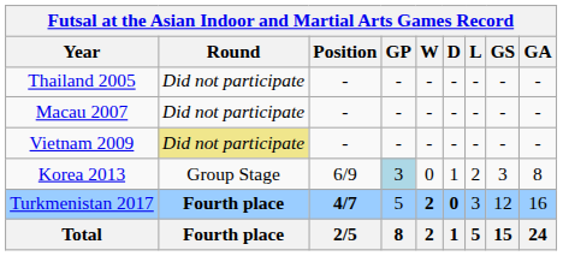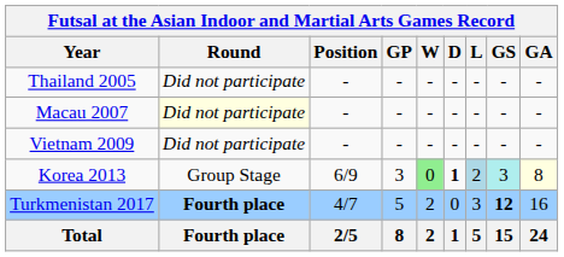 <table class="wikitable" style="text-align: center;font-size:90%;">
 <tr>
 <th colspan=9><a href='#'>Futsal at the Asian Indoor and Martial Arts Games Record</a></th>
 </tr>
 <tr>
 <th>Year</th>
 <th>Round</th>
 <th>Position</th>
 <th>GP</th>
 <th>W</th>
 <th>D</th>
 <th>L</th>
 <th>GS</th>
 <th>GA</th>
 </tr>
 <tr>
 <td><a href='#'>Thailand 2005</a></td>
 <td><em>Did not participate</em></td>
 <td>-</td>
 <td>-</td>
 <td>-</td>
 <td>-</td>
 <td>-</td>
 <td>-</td>
 <td>-</td>
 </tr>
 <tr>
 <td><a href='#'>Macau 2007</a></td>
-<td><em>Did not participate</em></td>
+<td style="background: lightyellow;"><em>Did not participate</em></td>
 <td>-</td>
 <td>-</td>
 <td>-</td>
 <td>-</td>
 <td>-</td>
 <td>-</td>
 <td>-</td>
 </tr>
 <tr>
 <td><a href='#'>Vietnam 2009</a></td>
-<td style="background: khaki;"><em>Did not participate</em></td>
+<td><em>Did not participate</em></td>
 <td>-</td>
 <td>-</td>
 <td>-</td>
 <td>-</td>
 <td>-</td>
 <td>-</td>
 <td>-</td>
 </tr>
 <tr>
 <td><a href='#'>Korea 2013</a></td>
 <td>Group Stage</td>
 <td>6/9</td>
-<td style="background: lightblue;">3</td>
-<td>0</td>
-<td>1</td>
-<td>2</td>
 <td>3</td>
-<td>8</td>
+<td style="background: lightgreen;">0</td>
+<td><strong>1</strong></td>
+<td style="background: lightblue;">2</td>
+<td style="background: paleturquoise;">3</td>
+<td style="background: lightyellow;">8</td>
 </tr>
 <tr bgcolor=#9acdff>
 <td><a href='#'>Turkmenistan 2017</a></td>
 <td><strong>Fourth place</strong></td>
-<td><strong>4/7</strong></td>
+<td>4/7</td>
 <td>5</td>
-<td><strong>2</strong></td>
-<td><strong>0</strong></td>
+<td>2</td>
+<td>0</td>
 <td>3</td>
-<td>12</td>
+<td><strong>12</strong></td>
 <td>16</td>
 </tr>
 <tr>
 <th><strong>Total</strong></th>
 <th><strong>Fourth place</strong></th>
 <th><strong>2/5</strong></th>
 <th><strong>8</strong></th>
 <th><strong>2</strong></th>
 <th><strong>1</strong></th>
 <th><strong>5</strong></th>
 <th><strong>15</strong></th>
 <th><strong>24</strong></th>
 </tr>
 </table>
